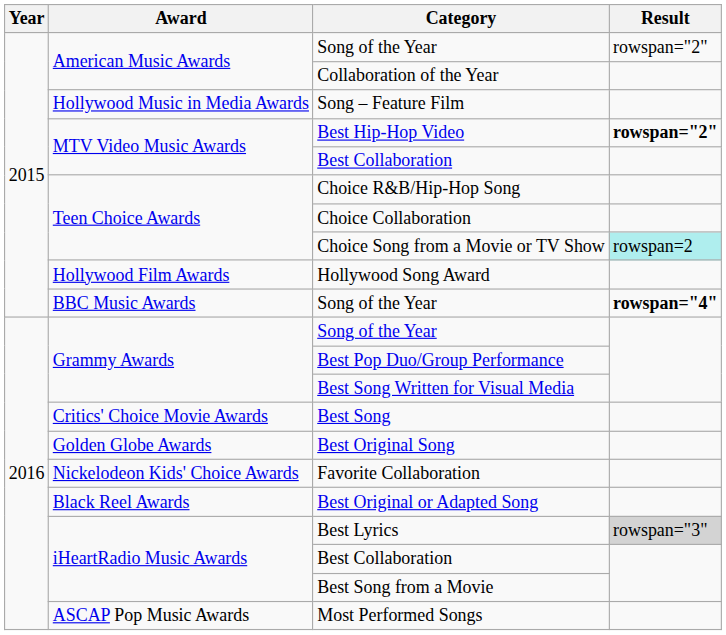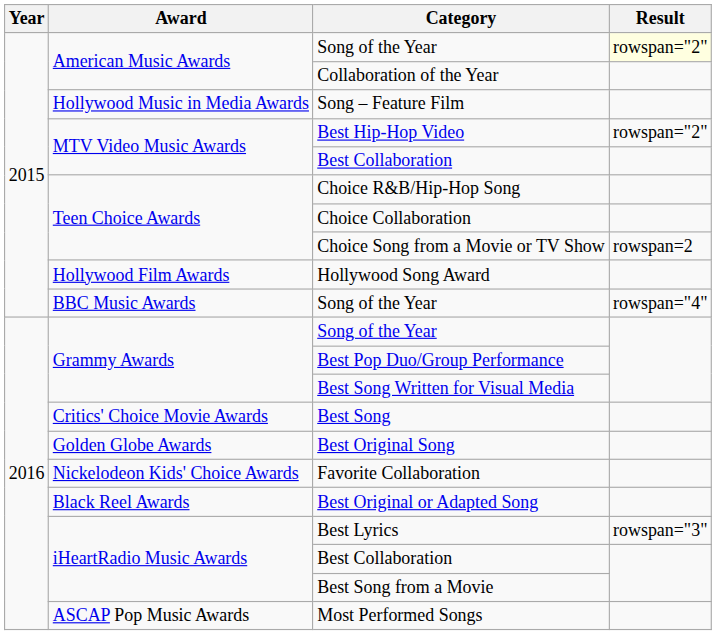 <table class="wikitable">
 <tr>
 <th>Year</th>
 <th>Award</th>
 <th>Category</th>
 <th>Result</th>
 </tr>
 <tr>
 <td rowspan="10">2015</td>
 <td rowspan="2"><a href='#'>American Music Awards</a></td>
 <td>Song of the Year</td>
-<td>rowspan="2" </td>
+<td style="background: lightyellow;">rowspan="2" </td>
 </tr>
 <tr>
 <td>Collaboration of the Year</td>
 </tr>
 <tr>
 <td><a href='#'>Hollywood Music in Media Awards</a></td>
 <td>Song – Feature Film</td>
 <td></td>
 </tr>
 <tr>
 <td rowspan="2"><a href='#'>MTV Video Music Awards</a></td>
 <td><a href='#'>Best Hip-Hop Video</a></td>
-<td><strong>rowspan="2" </strong></td>
+<td>rowspan="2" </td>
 </tr>
 <tr>
 <td><a href='#'>Best Collaboration</a></td>
 </tr>
 <tr>
 <td rowspan="3"><a href='#'>Teen Choice Awards</a></td>
 <td>Choice R&B/Hip-Hop Song</td>
 <td></td>
 </tr>
 <tr>
 <td>Choice Collaboration</td>
 <td></td>
 </tr>
 <tr>
 <td>Choice Song from a Movie or TV Show</td>
-<td style="background: paleturquoise;">rowspan=2 </td>
+<td>rowspan=2 </td>
 </tr>
 <tr>
 <td><a href='#'>Hollywood Film Awards</a></td>
 <td>Hollywood Song Award</td>
 </tr>
 <tr>
 <td><a href='#'>BBC Music Awards</a></td>
 <td>Song of the Year</td>
-<td><strong>rowspan="4" </strong></td>
+<td>rowspan="4" </td>
 </tr>
 <tr>
 <td rowspan="11">2016</td>
 <td rowspan="3"><a href='#'>Grammy Awards</a></td>
 <td><a href='#'>Song of the Year</a></td>
 </tr>
 <tr>
 <td><a href='#'>Best Pop Duo/Group Performance</a></td>
 </tr>
 <tr>
 <td><a href='#'>Best Song Written for Visual Media</a></td>
 </tr>
 <tr>
 <td><a href='#'>Critics' Choice Movie Awards</a></td>
 <td><a href='#'>Best Song</a></td>
 <td></td>
 </tr>
 <tr>
 <td><a href='#'>Golden Globe Awards</a></td>
 <td><a href='#'>Best Original Song</a></td>
 <td></td>
 </tr>
 <tr>
 <td><a href='#'>Nickelodeon Kids' Choice Awards</a></td>
 <td>Favorite Collaboration</td>
 <td></td>
 </tr>
 <tr>
 <td><a href='#'>Black Reel Awards</a></td>
 <td><a href='#'>Best Original or Adapted Song</a></td>
 <td></td>
 </tr>
 <tr>
 <td rowspan="3"><a href='#'>iHeartRadio Music Awards</a></td>
 <td>Best Lyrics</td>
-<td style="background: lightgrey;">rowspan="3" </td>
+<td>rowspan="3" </td>
 </tr>
 <tr>
 <td>Best Collaboration</td>
 </tr>
 <tr>
 <td>Best Song from a Movie</td>
 </tr>
 <tr>
 <td><a href='#'>ASCAP</a> Pop Music Awards</td>
 <td>Most Performed Songs</td>
 <td></td>
 </tr>
 </table>
